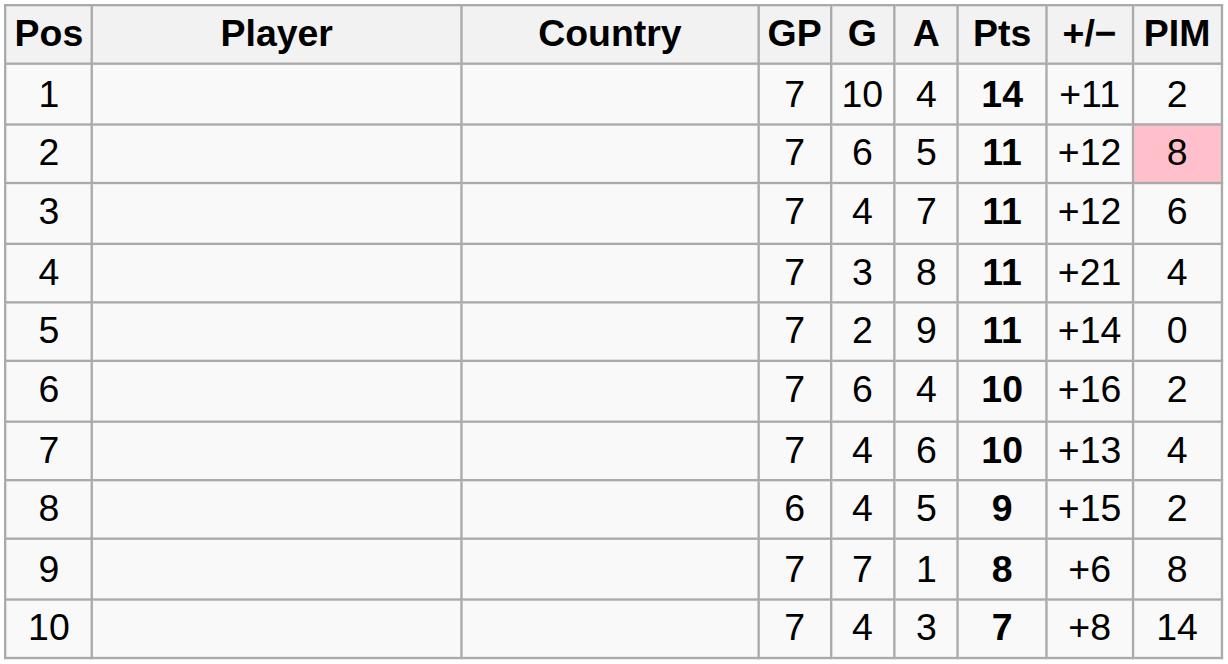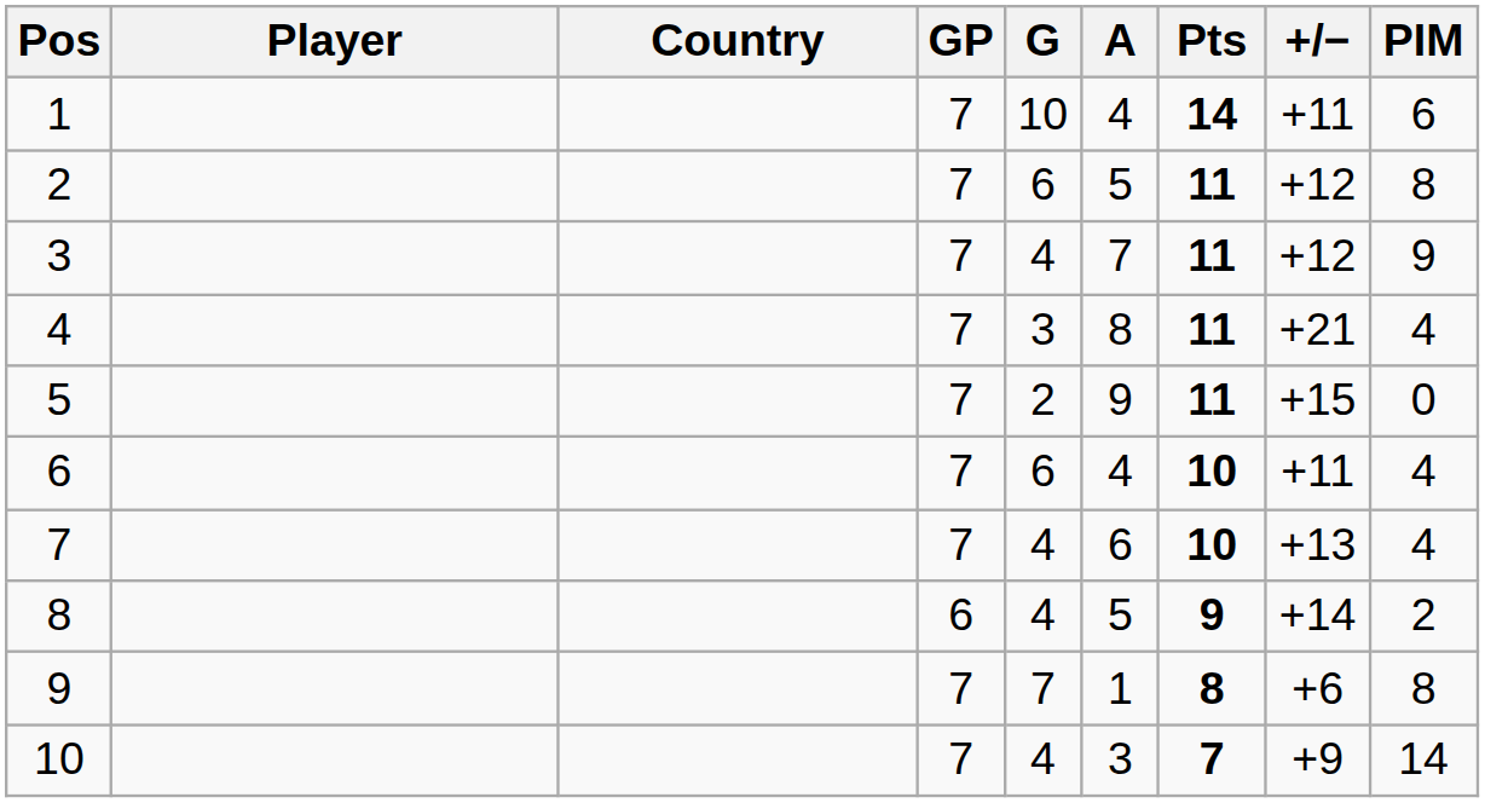 <table class="wikitable sortable" style="text-align: center;">
 <tr>
 <th width=30>Pos</th>
 <th width=150>Player</th>
 <th width=120>Country</th>
 <th width=20>GP</th>
 <th width=20>G</th>
 <th width=20>A</th>
 <th width=30>Pts</th>
 <th width=30>+/−</th>
 <th width=30>PIM</th>
 </tr>
 <tr>
 <td>1</td>
 <td align=left></td>
 <td align=left></td>
 <td>7</td>
 <td>10</td>
 <td>4</td>
 <td><strong>14</strong></td>
 <td>+11</td>
-<td>2</td>
+<td>6</td>
 </tr>
 <tr>
 <td>2</td>
 <td align=left></td>
 <td align=left></td>
 <td>7</td>
 <td>6</td>
 <td>5</td>
 <td><strong>11</strong></td>
 <td>+12</td>
-<td style="background: pink;">8</td>
+<td>8</td>
 </tr>
 <tr>
 <td>3</td>
 <td align=left></td>
 <td align=left></td>
 <td>7</td>
 <td>4</td>
 <td>7</td>
 <td><strong>11</strong></td>
 <td>+12</td>
-<td>6</td>
+<td>9</td>
 </tr>
 <tr>
 <td>4</td>
 <td align=left></td>
 <td align=left></td>
 <td>7</td>
 <td>3</td>
 <td>8</td>
 <td><strong>11</strong></td>
 <td>+21</td>
 <td>4</td>
 </tr>
 <tr>
 <td>5</td>
 <td align=left></td>
 <td align=left></td>
 <td>7</td>
 <td>2</td>
 <td>9</td>
 <td><strong>11</strong></td>
-<td>+14</td>
+<td>+15</td>
 <td>0</td>
 </tr>
 <tr>
 <td>6</td>
 <td align=left></td>
 <td align=left></td>
 <td>7</td>
 <td>6</td>
 <td>4</td>
 <td><strong>10</strong></td>
-<td>+16</td>
-<td>2</td>
+<td>+11</td>
+<td>4</td>
 </tr>
 <tr>
 <td>7</td>
 <td align=left></td>
 <td align=left></td>
 <td>7</td>
 <td>4</td>
 <td>6</td>
 <td><strong>10</strong></td>
 <td>+13</td>
 <td>4</td>
 </tr>
 <tr>
 <td>8</td>
 <td align=left></td>
 <td align=left></td>
 <td>6</td>
 <td>4</td>
 <td>5</td>
 <td><strong>9</strong></td>
-<td>+15</td>
+<td>+14</td>
 <td>2</td>
 </tr>
 <tr>
 <td>9</td>
 <td align=left></td>
 <td align=left></td>
 <td>7</td>
 <td>7</td>
 <td>1</td>
 <td><strong>8</strong></td>
 <td>+6</td>
 <td>8</td>
 </tr>
 <tr>
 <td>10</td>
 <td align=left></td>
 <td align=left></td>
 <td>7</td>
 <td>4</td>
 <td>3</td>
 <td><strong>7</strong></td>
-<td>+8</td>
+<td>+9</td>
 <td>14</td>
 </tr>
 </table>
